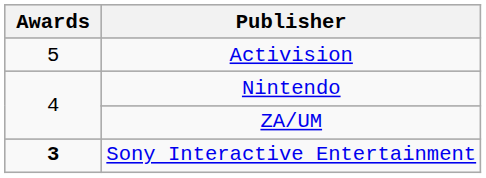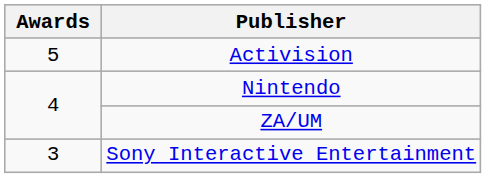 <table class="wikitable floatright" rowspan="2" style="text-align:center;">
 <tr>
 <th scope="col" style="width:55px;">Awards</th>
 <th scope="col" style="text-align:center;">Publisher</th>
 </tr>
 <tr>
 <td>5</td>
 <td><a href='#'>Activision</a></td>
 </tr>
 <tr>
 <td rowspan="2">4</td>
 <td><a href='#'>Nintendo</a></td>
 </tr>
 <tr>
 <td><a href='#'>ZA/UM</a></td>
 </tr>
 <tr>
-<td><strong>3</strong></td>
+<td>3</td>
 <td><a href='#'>Sony Interactive Entertainment</a></td>
 </tr>
 </table>
